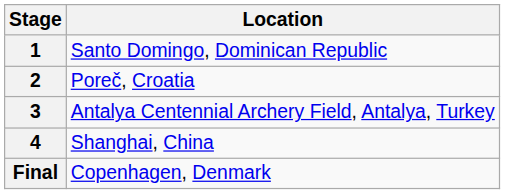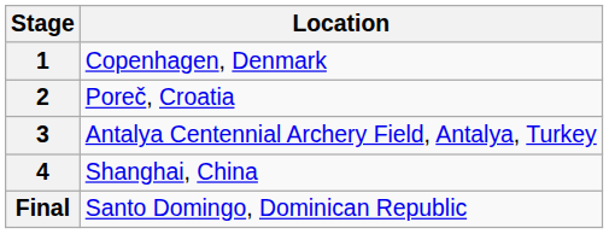 <table class="wikitable">
 <tr>
 <th>Stage</th>
 <th>Location</th>
 </tr>
 <tr>
 <th>1</th>
-<td> <a href='#'>Santo Domingo</a>, <a href='#'>Dominican Republic</a></td>
+<td> <a href='#'>Copenhagen</a>, <a href='#'>Denmark</a></td>
 </tr>
 <tr>
 <th>2</th>
 <td> <a href='#'>Poreč</a>, <a href='#'>Croatia</a></td>
 </tr>
 <tr>
 <th>3</th>
 <td> <a href='#'>Antalya Centennial Archery Field</a>, <a href='#'>Antalya</a>, <a href='#'>Turkey</a></td>
 </tr>
 <tr>
 <th>4</th>
 <td> <a href='#'>Shanghai</a>, <a href='#'>China</a></td>
 </tr>
 <tr>
 <th>Final</th>
-<td> <a href='#'>Copenhagen</a>, <a href='#'>Denmark</a></td>
+<td> <a href='#'>Santo Domingo</a>, <a href='#'>Dominican Republic</a></td>
 </tr>
 </table>
